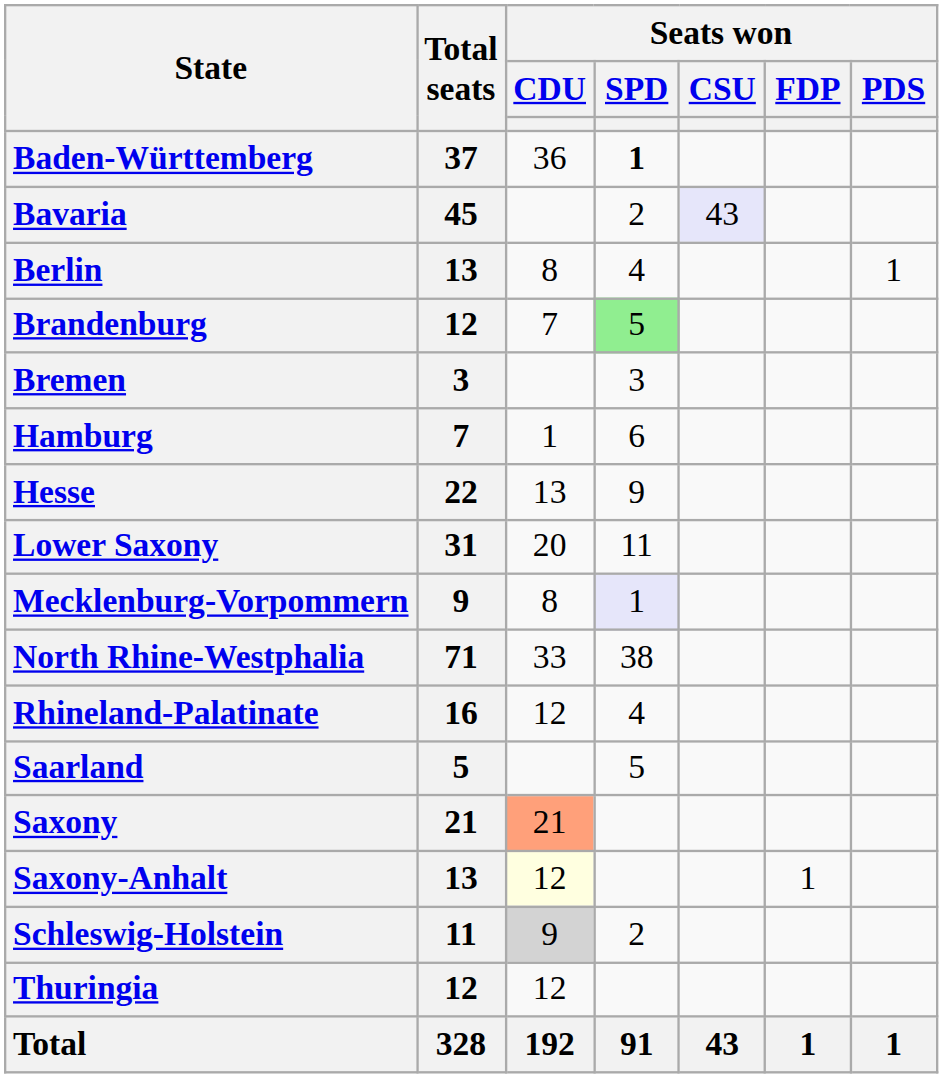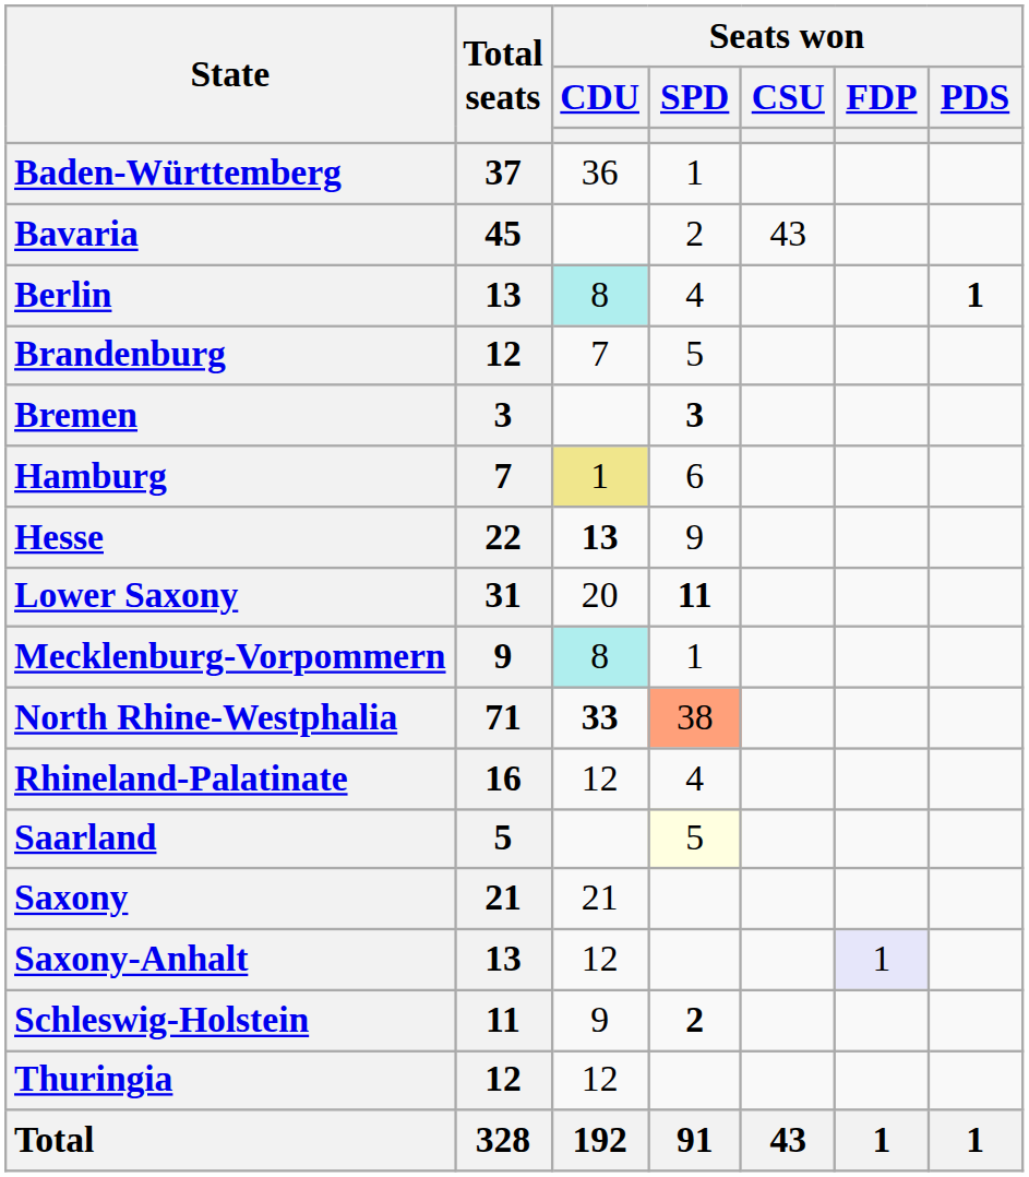 <table class="wikitable" style="text-align:center; font-size: 0.9em;">
 <tr>
 <th rowspan="3">State</th>
 <th rowspan="3">Total<br>seats</th>
 <th colspan="5">Seats won</th>
 </tr>
 <tr>
 <th class="unsortable" style="width:30px;"><a href='#'>CDU</a></th>
 <th class="unsortable" style="width:30px;"><a href='#'>SPD</a></th>
 <th class="unsortable" style="width:30px;"><a href='#'>CSU</a></th>
 <th class="unsortable" style="width:30px;"><a href='#'>FDP</a></th>
 <th class="unsortable" style="width:30px;"><a href='#'>PDS</a></th>
 </tr>
 <tr>
 <th style="background:"></th>
 <th style="background:"></th>
 <th style="background:"></th>
 <th style="background:"></th>
 <th style="background:"></th>
 </tr>
 <tr>
 <th style="text-align: left;"><a href='#'>Baden-Württemberg</a></th>
 <th>37</th>
 <td>36</td>
-<td><strong>1</strong></td>
+<td>1</td>
 <td></td>
 <td></td>
 <td></td>
 </tr>
 <tr>
 <th style="text-align: left;"><a href='#'>Bavaria</a></th>
 <th>45</th>
 <td></td>
 <td>2</td>
-<td style="background: lavender;">43</td>
+<td>43</td>
 <td></td>
 <td></td>
 </tr>
 <tr>
 <th style="text-align: left;"><a href='#'>Berlin</a></th>
 <th>13</th>
-<td>8</td>
+<td style="background: paleturquoise;">8</td>
 <td>4</td>
 <td></td>
 <td></td>
-<td>1</td>
+<td><strong>1</strong></td>
 </tr>
 <tr>
 <th style="text-align: left;"><a href='#'>Brandenburg</a></th>
 <th>12</th>
 <td>7</td>
-<td style="background: lightgreen;">5</td>
+<td>5</td>
 <td></td>
 <td></td>
 <td></td>
 </tr>
 <tr>
 <th style="text-align: left;"><a href='#'>Bremen</a></th>
 <th>3</th>
 <td></td>
-<td>3</td>
+<td><strong>3</strong></td>
 <td></td>
 <td></td>
 <td></td>
 </tr>
 <tr>
 <th style="text-align: left;"><a href='#'>Hamburg</a></th>
 <th>7</th>
-<td>1</td>
+<td style="background: khaki;">1</td>
 <td>6</td>
 <td></td>
 <td></td>
 <td></td>
 </tr>
 <tr>
 <th style="text-align: left;"><a href='#'>Hesse</a></th>
 <th>22</th>
-<td>13</td>
+<td><strong>13</strong></td>
 <td>9</td>
 <td></td>
 <td></td>
 <td></td>
 </tr>
 <tr>
 <th style="text-align: left;"><a href='#'>Lower Saxony</a></th>
 <th>31</th>
 <td>20</td>
-<td>11</td>
+<td><strong>11</strong></td>
 <td></td>
 <td></td>
 <td></td>
 </tr>
 <tr>
 <th style="text-align: left;"><a href='#'>Mecklenburg-Vorpommern</a></th>
 <th>9</th>
-<td>8</td>
-<td style="background: lavender;">1</td>
+<td style="background: paleturquoise;">8</td>
+<td>1</td>
 <td></td>
 <td></td>
 <td></td>
 </tr>
 <tr>
 <th style="text-align: left;"><a href='#'>North Rhine-Westphalia</a></th>
 <th>71</th>
-<td>33</td>
-<td>38</td>
+<td><strong>33</strong></td>
+<td style="background: lightsalmon;">38</td>
 <td></td>
 <td></td>
 <td></td>
 </tr>
 <tr>
 <th style="text-align: left;"><a href='#'>Rhineland-Palatinate</a></th>
 <th>16</th>
 <td>12</td>
 <td>4</td>
 <td></td>
 <td></td>
 <td></td>
 </tr>
 <tr>
 <th style="text-align: left;"><a href='#'>Saarland</a></th>
 <th>5</th>
 <td></td>
-<td>5</td>
+<td style="background: lightyellow;">5</td>
 <td></td>
 <td></td>
 <td></td>
 </tr>
 <tr>
 <th style="text-align: left;"><a href='#'>Saxony</a></th>
 <th>21</th>
-<td style="background: lightsalmon;">21</td>
+<td>21</td>
 <td></td>
 <td></td>
 <td></td>
 <td></td>
 </tr>
 <tr>
 <th style="text-align: left;"><a href='#'>Saxony-Anhalt</a></th>
 <th>13</th>
-<td style="background: lightyellow;">12</td>
+<td>12</td>
 <td></td>
 <td></td>
-<td>1</td>
+<td style="background: lavender;">1</td>
 <td></td>
 </tr>
 <tr>
 <th style="text-align: left;"><a href='#'>Schleswig-Holstein</a></th>
 <th>11</th>
-<td style="background: lightgrey;">9</td>
-<td>2</td>
+<td>9</td>
+<td><strong>2</strong></td>
 <td></td>
 <td></td>
 <td></td>
 </tr>
 <tr>
 <th style="text-align: left;"><a href='#'>Thuringia</a></th>
 <th>12</th>
 <td>12</td>
 <td></td>
 <td></td>
 <td></td>
 <td></td>
 </tr>
 <tr class="sortbottom">
 <th style="text-align: left;">Total</th>
 <th>328</th>
 <th>192</th>
 <th>91</th>
 <th>43</th>
 <th>1</th>
 <th>1</th>
 </tr>
 </table>
